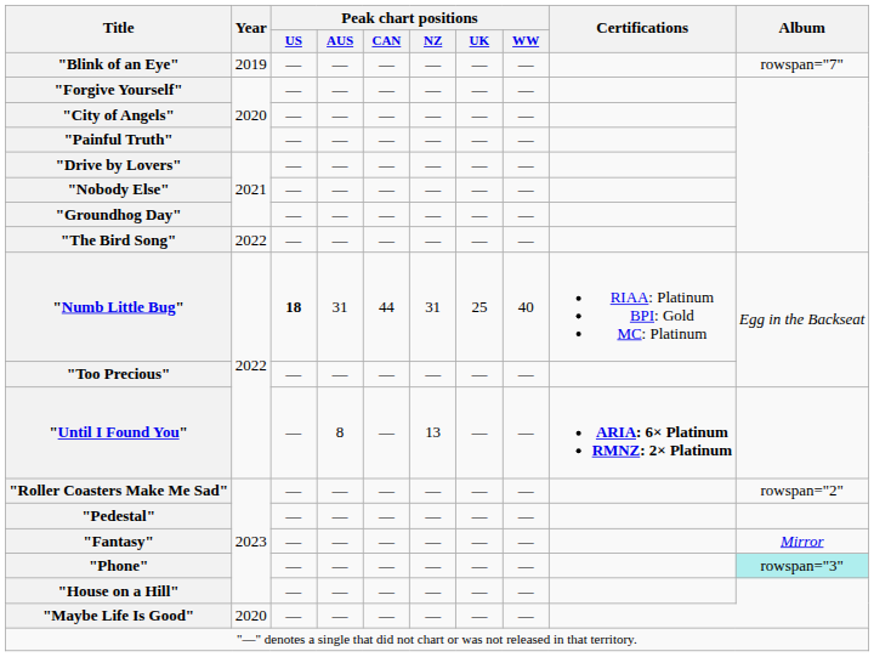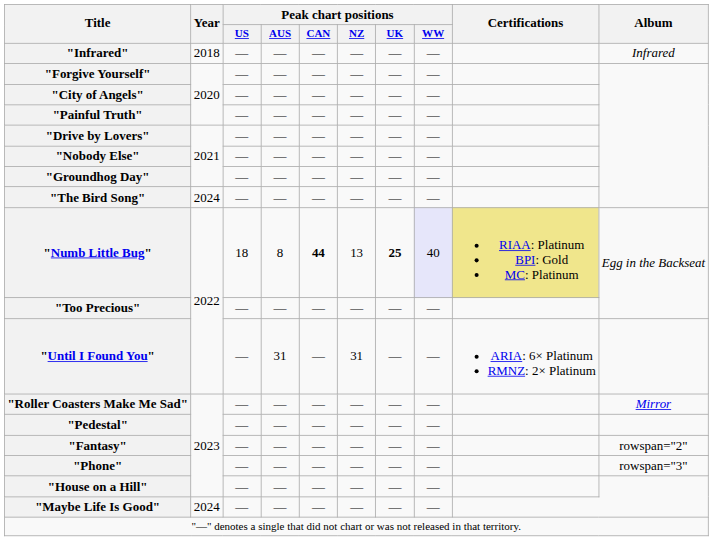 <table class="wikitable plainrowheaders" style="text-align:center;">
 <tr>
 <th scope="col" rowspan="2">Title</th>
 <th scope="col" rowspan="2">Year</th>
 <th scope="col" colspan="6">Peak chart positions</th>
 <th scope="col" rowspan="2">Certifications</th>
 <th scope="col" rowspan="2">Album</th>
 </tr>
 <tr>
 <th scope="col" style="width:3em;font-size:85%;"><a href='#'>US</a><br></th>
 <th scope="col" style="width:3em;font-size:85%;"><a href='#'>AUS</a><br></th>
 <th scope="col" style="width:3em;font-size:85%;"><a href='#'>CAN</a><br></th>
 <th scope="col" style="width:3em;font-size:85%;"><a href='#'>NZ</a><br></th>
 <th scope="col" style="width:3em;font-size:85%;"><a href='#'>UK</a><br></th>
 <th scope="col" style="width:3em;font-size:85%;"><a href='#'>WW</a><br></th>
 </tr>
 <tr>
-<th scope="row">"Blink of an Eye"</th>
-<td>2019</td>
+<th scope="row">"Infrared"<br></th>
+<td>2018</td>
 <td>—</td>
 <td>—</td>
 <td>—</td>
 <td>—</td>
 <td>—</td>
 <td>—</td>
 <td></td>
-<td>rowspan="7" </td>
+<td><em>Infrared</em></td>
 </tr>
 <tr>
 <th scope="row">"Forgive Yourself"</th>
 <td rowspan="3">2020</td>
 <td>—</td>
 <td>—</td>
 <td>—</td>
 <td>—</td>
 <td>—</td>
 <td>—</td>
 <td></td>
 </tr>
 <tr>
 <th scope="row">"City of Angels"</th>
 <td>—</td>
 <td>—</td>
 <td>—</td>
 <td>—</td>
 <td>—</td>
 <td>—</td>
 <td></td>
 </tr>
 <tr>
 <th scope="row">"Painful Truth"</th>
 <td>—</td>
 <td>—</td>
 <td>—</td>
 <td>—</td>
 <td>—</td>
 <td>—</td>
 <td></td>
 </tr>
 <tr>
 <th scope="row">"Drive by Lovers"<br></th>
 <td rowspan="3">2021</td>
 <td>—</td>
 <td>—</td>
 <td>—</td>
 <td>—</td>
 <td>—</td>
 <td>—</td>
 <td></td>
 </tr>
 <tr>
 <th scope="row">"Nobody Else"</th>
 <td>—</td>
 <td>—</td>
 <td>—</td>
 <td>—</td>
 <td>—</td>
 <td>—</td>
 <td></td>
 </tr>
 <tr>
 <th scope="row">"Groundhog Day"</th>
 <td>—</td>
 <td>—</td>
 <td>—</td>
 <td>—</td>
 <td>—</td>
 <td>—</td>
 <td></td>
 </tr>
 <tr>
 <th scope="row">"The Bird Song"<br></th>
-<td>2022</td>
+<td>2024</td>
 <td>—</td>
 <td>—</td>
 <td>—</td>
 <td>—</td>
 <td>—</td>
 <td>—</td>
 <td></td>
 </tr>
 <tr>
 <th scope="row">"<a href='#'>Numb Little Bug</a>"</th>
 <td rowspan="3">2022</td>
-<td><strong>18</strong></td>
-<td>31</td>
-<td>44</td>
-<td>31</td>
-<td>25</td>
-<td>40</td>
-<td><br><ul><li><a href='#'>RIAA</a>: Platinum</li><li><a href='#'>BPI</a>: Gold</li><li><a href='#'>MC</a>: Platinum</li></ul></td>
+<td>18</td>
+<td>8</td>
+<td><strong>44</strong></td>
+<td>13</td>
+<td><strong>25</strong></td>
+<td style="background: lavender;">40</td>
+<td style="background: khaki;"><br><ul><li><a href='#'>RIAA</a>: Platinum</li><li><a href='#'>BPI</a>: Gold</li><li><a href='#'>MC</a>: Platinum</li></ul></td>
 <td rowspan="2"><em>Egg in the Backseat</em></td>
 </tr>
 <tr>
 <th scope="row">"Too Precious"</th>
 <td>—</td>
 <td>—</td>
 <td>—</td>
 <td>—</td>
 <td>—</td>
 <td>—</td>
 <td></td>
 </tr>
 <tr>
 <th scope="row">"<a href='#'>Until I Found You</a>"<br></th>
 <td>—</td>
-<td>8</td>
+<td>31</td>
 <td>—</td>
-<td>13</td>
+<td>31</td>
 <td>—</td>
 <td>—</td>
-<td><strong><br><ul><li><a href='#'>ARIA</a>: 6× Platinum</li><li><a href='#'>RMNZ</a>: 2× Platinum</li></ul></strong></td>
+<td><br><ul><li><a href='#'>ARIA</a>: 6× Platinum</li><li><a href='#'>RMNZ</a>: 2× Platinum</li></ul></td>
 <td></td>
 </tr>
 <tr>
 <th scope="row">"Roller Coasters Make Me Sad"</th>
 <td rowspan="5">2023</td>
 <td>—</td>
 <td>—</td>
 <td>—</td>
 <td>—</td>
 <td>—</td>
 <td>—</td>
 <td></td>
-<td>rowspan="2" </td>
+<td><em><a href='#'>Mirror</a></em></td>
 </tr>
 <tr>
 <th scope="row">"Pedestal"</th>
 <td>—</td>
 <td>—</td>
 <td>—</td>
 <td>—</td>
 <td>—</td>
 <td>—</td>
 <td></td>
 </tr>
 <tr>
 <th scope="row">"Fantasy"<br></th>
 <td>—</td>
 <td>—</td>
 <td>—</td>
 <td>—</td>
 <td>—</td>
 <td>—</td>
 <td></td>
-<td><em><a href='#'>Mirror</a></em></td>
+<td>rowspan="2" </td>
 </tr>
 <tr>
 <th scope="row">"Phone"<br></th>
 <td>—</td>
 <td>—</td>
 <td>—</td>
 <td>—</td>
 <td>—</td>
 <td>—</td>
 <td></td>
-<td style="background: paleturquoise;">rowspan="3" </td>
+<td>rowspan="3" </td>
 </tr>
 <tr>
 <th scope="row">"House on a Hill"<br></th>
 <td>—</td>
 <td>—</td>
 <td>—</td>
 <td>—</td>
 <td>—</td>
 <td>—</td>
 <td></td>
 </tr>
 <tr>
 <th scope="row">"Maybe Life Is Good"</th>
-<td>2020</td>
+<td>2024</td>
 <td>—</td>
 <td>—</td>
 <td>—</td>
 <td>—</td>
 <td>—</td>
 <td>—</td>
 </tr>
 <tr>
 <td colspan="10" style="font-size:85%;">"—" denotes a single that did not chart or was not released in that territory.</td>
 </tr>
 </table>
